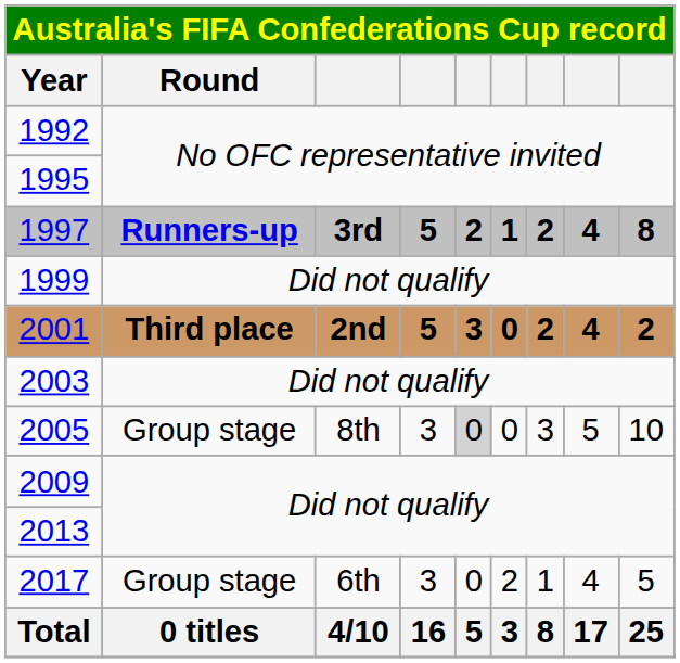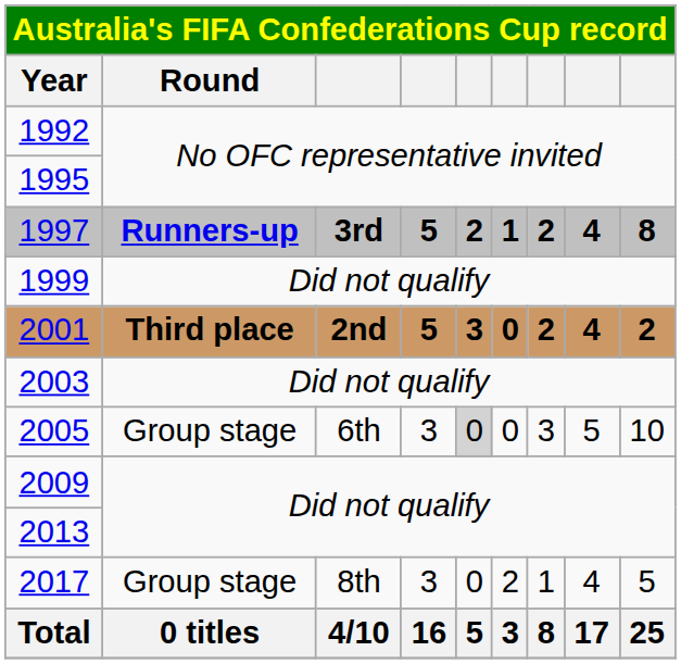 <table class="wikitable" style="text-align: center;">
 <tr>
 <th colspan="9" style="color:yellow; background:green;">Australia's FIFA Confederations Cup record</th>
 </tr>
 <tr>
 <th scope="col">Year</th>
 <th scope="col">Round</th>
 <th scope="col"></th>
 <th scope="col"></th>
 <th scope="col"></th>
 <th scope="col"></th>
 <th scope="col"></th>
 <th scope="col"></th>
 <th scope="col"></th>
 </tr>
 <tr>
 <td> <a href='#'>1992</a></td>
 <td rowspan=2 colspan=8><em>No OFC representative invited</em></td>
 </tr>
 <tr>
 <td> <a href='#'>1995</a></td>
 </tr>
 <tr style="background:Silver;">
 <td> <a href='#'>1997</a></td>
 <td><strong><a href='#'>Runners-up</a></strong></td>
 <td><strong>3rd</strong></td>
 <td><strong>5</strong></td>
 <td><strong>2</strong></td>
 <td><strong>1</strong></td>
 <td><strong>2</strong></td>
 <td><strong>4</strong></td>
 <td><strong>8</strong></td>
 </tr>
 <tr>
 <td> <a href='#'>1999</a></td>
 <td colspan=8><em>Did not qualify</em></td>
 </tr>
 <tr style="background:#c96;">
 <td>  <a href='#'>2001</a></td>
 <td><strong>Third place</strong></td>
 <td><strong>2nd</strong></td>
 <td><strong>5</strong></td>
 <td><strong>3</strong></td>
 <td><strong>0</strong></td>
 <td><strong>2</strong></td>
 <td><strong>4</strong></td>
 <td><strong>2</strong></td>
 </tr>
 <tr>
 <td> <a href='#'>2003</a></td>
 <td colspan="8"><em>Did not qualify</em></td>
 </tr>
 <tr>
 <td> <a href='#'>2005</a></td>
 <td>Group stage</td>
-<td>8th</td>
+<td>6th</td>
 <td>3</td>
 <td style="background: lightgrey;">0</td>
 <td>0</td>
 <td>3</td>
 <td>5</td>
 <td>10</td>
 </tr>
 <tr>
 <td> <a href='#'>2009</a></td>
 <td rowspan=2 colspan=8><em>Did not qualify</em></td>
 </tr>
 <tr>
 <td> <a href='#'>2013</a></td>
 </tr>
 <tr>
 <td> <a href='#'>2017</a></td>
 <td>Group stage</td>
-<td>6th</td>
+<td>8th</td>
 <td>3</td>
 <td>0</td>
 <td>2</td>
 <td>1</td>
 <td>4</td>
 <td>5</td>
 </tr>
 <tr>
 <th>Total</th>
 <th>0 titles</th>
 <th>4/10</th>
 <th>16</th>
 <th>5</th>
 <th>3</th>
 <th>8</th>
 <th>17</th>
 <th>25</th>
 </tr>
 <tr>
 </tr>
 </table>
